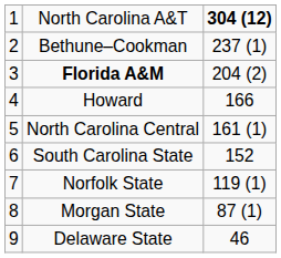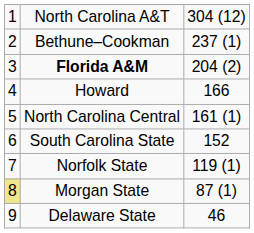 <table class="wikitable">
 <tr align="center">
 </tr>
 <tr align="center">
 <td>1</td>
 <td>North Carolina A&T</td>
-<td><strong>304 (12)</strong></td>
+<td>304 (12)</td>
 </tr>
 <tr align="center">
 <td>2</td>
 <td>Bethune–Cookman</td>
 <td>237 (1)</td>
 </tr>
 <tr align="center">
 <td>3</td>
 <td><strong>Florida A&M</strong></td>
 <td>204 (2)</td>
 </tr>
 <tr align="center">
 <td>4</td>
 <td>Howard</td>
 <td>166</td>
 </tr>
 <tr align="center">
 <td>5</td>
 <td>North Carolina Central</td>
 <td>161 (1)</td>
 </tr>
 <tr align="center">
 <td>6</td>
 <td>South Carolina State</td>
 <td>152</td>
 </tr>
 <tr align="center">
 <td>7</td>
 <td>Norfolk State</td>
 <td>119 (1)</td>
 </tr>
 <tr align="center">
-<td>8</td>
+<td style="background: khaki;">8</td>
 <td>Morgan State</td>
 <td>87 (1)</td>
 </tr>
 <tr align="center">
 <td>9</td>
 <td>Delaware State</td>
 <td>46</td>
 </tr>
 </table>
